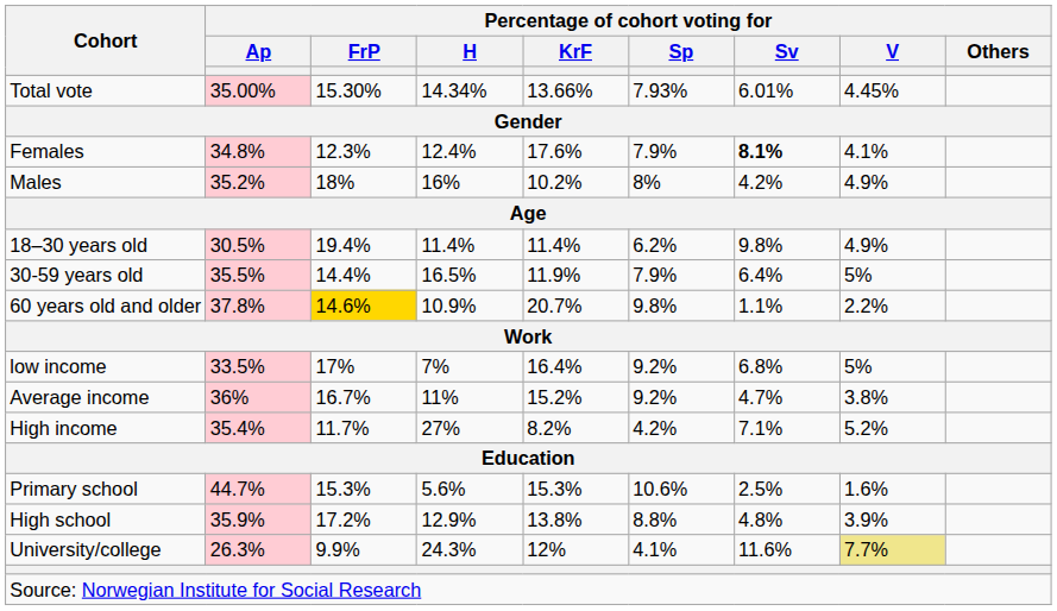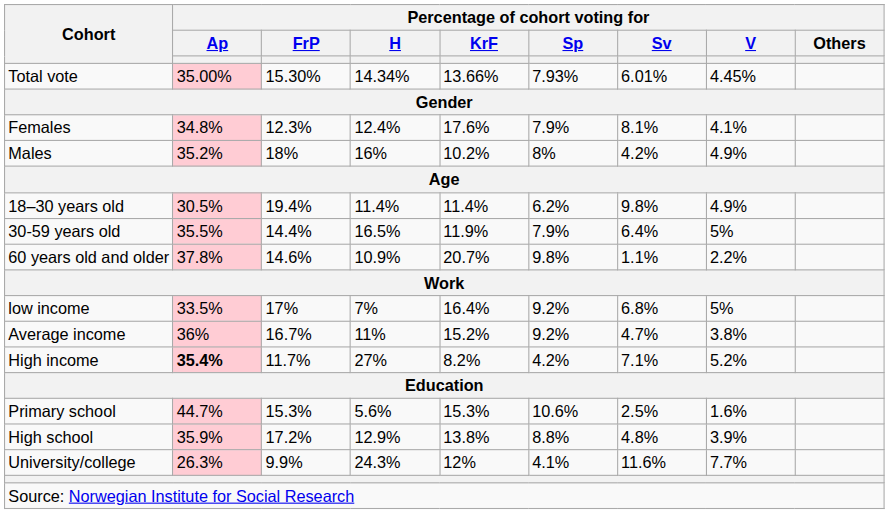 <table class="wikitable" style="font-size:95%;">
 <tr>
 <th rowspan="3">Cohort</th>
 <th colspan="8">Percentage of cohort voting for</th>
 </tr>
 <tr>
 <th scope="col" style="width:5em;"><a href='#'>Ap</a></th>
 <th scope="col" style="width:5em;"><a href='#'>FrP</a></th>
 <th scope="col" style="width:5em;"><a href='#'>H</a></th>
 <th scope="col" style="width:5em;"><a href='#'>KrF</a></th>
 <th scope="col" style="width:5em;"><a href='#'>Sp</a></th>
 <th scope="col" style="width:5em;"><a href='#'>Sv</a></th>
 <th scope="col" style="width:5em;"><a href='#'>V</a></th>
 <th scope="col" style="width:5em;">Others</th>
 </tr>
 <tr>
 <th style="background:"></th>
 <th style="background:"></th>
 <th style="background:"></th>
 <th style="background:"></th>
 <th style="background:"></th>
 <th style="background:"></th>
 <th style="background:"></th>
 <th style="background:"></th>
 </tr>
 <tr>
 <td>Total vote</td>
 <td style="background:#ffccd4;">35.00%</td>
 <td>15.30%</td>
 <td>14.34%</td>
 <td>13.66%</td>
 <td>7.93%</td>
 <td>6.01%</td>
 <td>4.45%</td>
 <td></td>
 </tr>
 <tr>
 <th colspan="9">Gender</th>
 </tr>
 <tr>
 <td>Females</td>
 <td style="background:#ffccd4;">34.8%</td>
 <td>12.3%</td>
 <td>12.4%</td>
 <td>17.6%</td>
 <td>7.9%</td>
-<td><strong>8.1%</strong></td>
+<td>8.1%</td>
 <td>4.1%</td>
 <td></td>
 </tr>
 <tr>
 <td>Males</td>
 <td style="background:#ffccd4;">35.2%</td>
 <td>18%</td>
 <td>16%</td>
 <td>10.2%</td>
 <td>8%</td>
 <td>4.2%</td>
 <td>4.9%</td>
 <td></td>
 </tr>
 <tr>
 <th colspan="9">Age</th>
 </tr>
 <tr>
 <td>18–30 years old</td>
 <td style="background:#ffccd4;">30.5%</td>
 <td>19.4%</td>
 <td>11.4%</td>
 <td>11.4%</td>
 <td>6.2%</td>
 <td>9.8%</td>
 <td>4.9%</td>
 <td></td>
 </tr>
 <tr>
 <td>30-59 years old</td>
 <td style="background:#ffccd4;">35.5%</td>
 <td>14.4%</td>
 <td>16.5%</td>
 <td>11.9%</td>
 <td>7.9%</td>
 <td>6.4%</td>
 <td>5%</td>
 <td></td>
 </tr>
 <tr>
 <td>60 years old and older</td>
 <td style="background:#ffccd4;">37.8%</td>
-<td style="background: gold;">14.6%</td>
+<td>14.6%</td>
 <td>10.9%</td>
 <td>20.7%</td>
 <td>9.8%</td>
 <td>1.1%</td>
 <td>2.2%</td>
 <td></td>
 </tr>
 <tr>
 <th colspan="9">Work</th>
 </tr>
 <tr>
 <td>low income</td>
 <td style="background:#ffccd4;">33.5%</td>
 <td>17%</td>
 <td>7%</td>
 <td>16.4%</td>
 <td>9.2%</td>
 <td>6.8%</td>
 <td>5%</td>
 <td></td>
 </tr>
 <tr>
 <td>Average income</td>
 <td style="background:#ffccd4;">36%</td>
 <td>16.7%</td>
 <td>11%</td>
 <td>15.2%</td>
 <td>9.2%</td>
 <td>4.7%</td>
 <td>3.8%</td>
 <td></td>
 </tr>
 <tr>
 <td>High income</td>
-<td style="background:#ffccd4;">35.4%</td>
+<td style="background:#ffccd4;"><strong>35.4%</strong></td>
 <td>11.7%</td>
 <td>27%</td>
 <td>8.2%</td>
 <td>4.2%</td>
 <td>7.1%</td>
 <td>5.2%</td>
 <td></td>
 </tr>
 <tr>
 <th colspan="9">Education</th>
 </tr>
 <tr>
 <td>Primary school</td>
 <td style="background:#ffccd4;">44.7%</td>
 <td>15.3%</td>
 <td>5.6%</td>
 <td>15.3%</td>
 <td>10.6%</td>
 <td>2.5%</td>
 <td>1.6%</td>
 <td></td>
 </tr>
 <tr>
 <td>High school</td>
 <td style="background:#ffccd4;">35.9%</td>
 <td>17.2%</td>
 <td>12.9%</td>
 <td>13.8%</td>
 <td>8.8%</td>
 <td>4.8%</td>
 <td>3.9%</td>
 <td></td>
 </tr>
 <tr>
 <td>University/college</td>
 <td style="background:#ffccd4;">26.3%</td>
 <td>9.9%</td>
 <td>24.3%</td>
 <td>12%</td>
 <td>4.1%</td>
 <td>11.6%</td>
-<td style="background: khaki;">7.7%</td>
+<td>7.7%</td>
 <td></td>
 </tr>
 <tr>
 <th colspan="11!"></th>
 </tr>
 <tr>
 <td colspan="9">Source: <a href='#'>Norwegian Institute for Social Research</a></td>
 </tr>
 </table>
